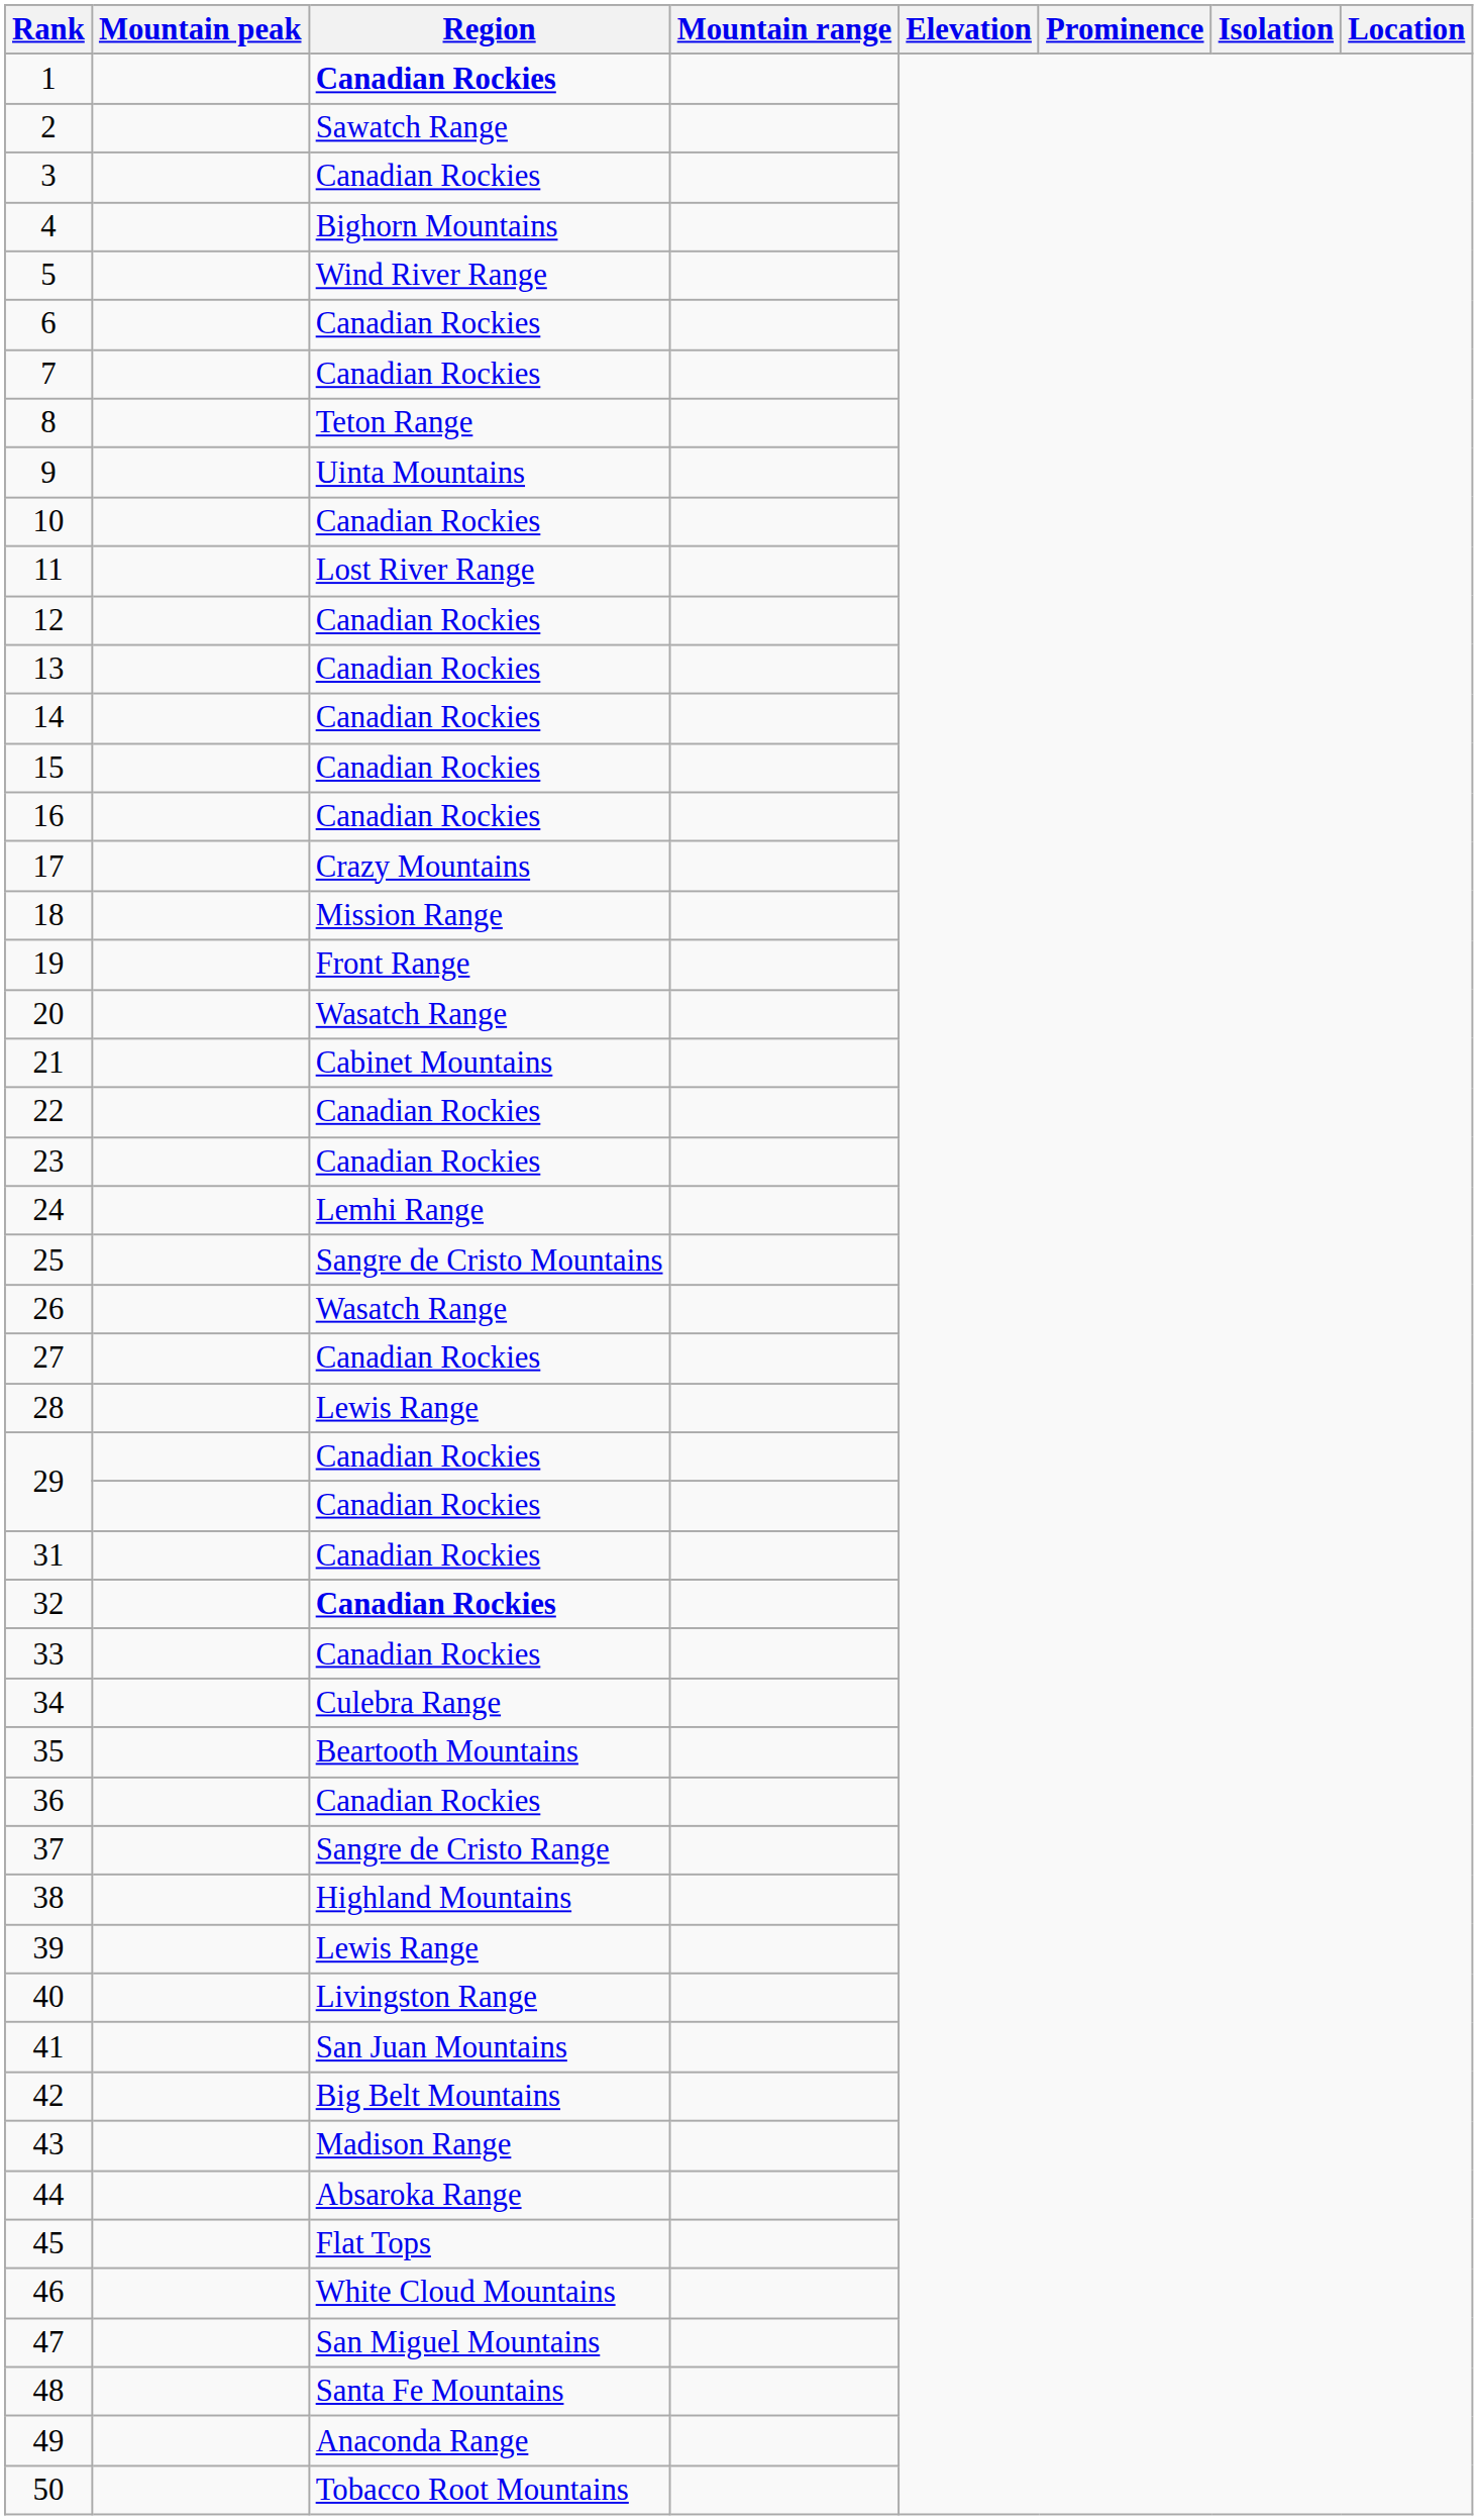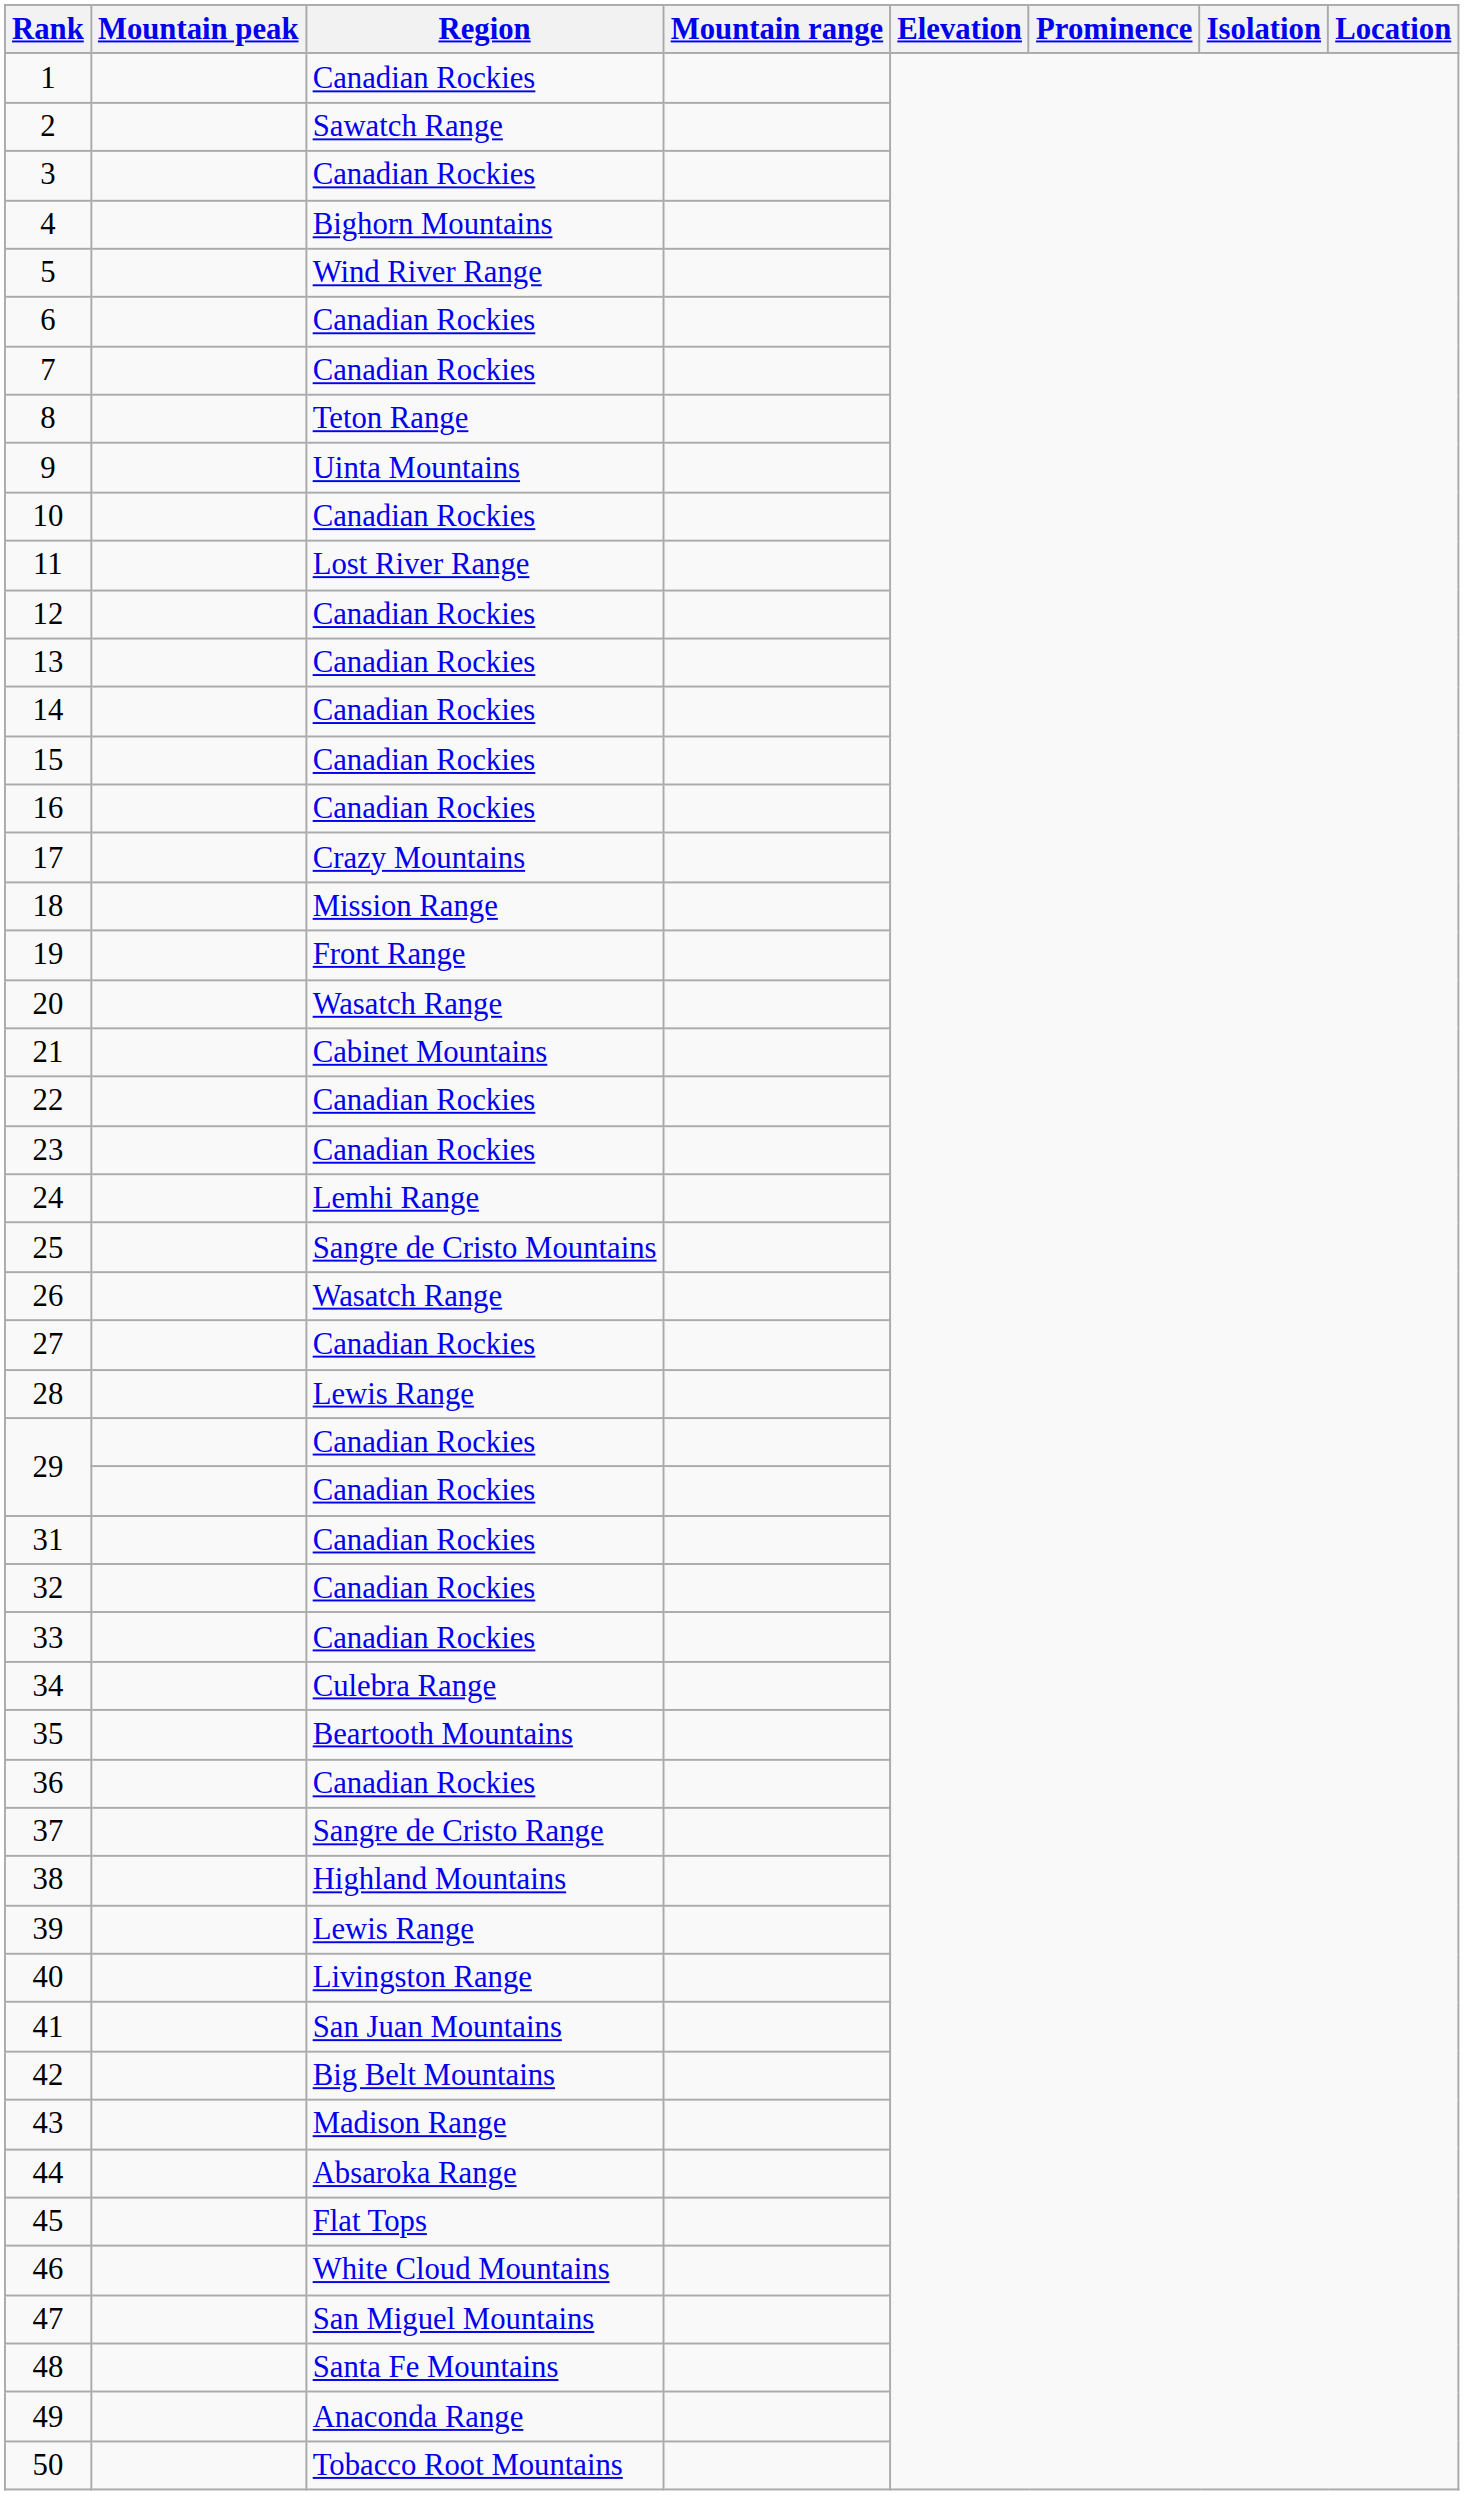 <table class="wikitable sortable">
 <tr>
 <th><a href='#'>Rank</a></th>
 <th><a href='#'>Mountain peak</a></th>
 <th><a href='#'>Region</a></th>
 <th><a href='#'>Mountain range</a></th>
 <th><a href='#'>Elevation</a></th>
 <th><a href='#'>Prominence</a></th>
 <th><a href='#'>Isolation</a></th>
 <th><a href='#'>Location</a></th>
 </tr>
 <tr>
 <td align=center>1<br></td>
 <td></td>
-<td><strong><a href='#'>Canadian Rockies</a><br></strong></td>
+<td><a href='#'>Canadian Rockies</a><br></td>
 <td></td>
 </tr>
 <tr>
 <td align=center>2<br></td>
 <td></td>
 <td><a href='#'>Sawatch Range</a><br></td>
 <td></td>
 </tr>
 <tr>
 <td align=center>3<br></td>
 <td><br></td>
 <td><a href='#'>Canadian Rockies</a><br></td>
 <td></td>
 </tr>
 <tr>
 <td align=center>4<br></td>
 <td></td>
 <td><a href='#'>Bighorn Mountains</a><br></td>
 <td></td>
 </tr>
 <tr>
 <td align=center>5<br></td>
 <td></td>
 <td><a href='#'>Wind River Range</a><br></td>
 <td></td>
 </tr>
 <tr>
 <td align=center>6<br></td>
 <td><br></td>
 <td><a href='#'>Canadian Rockies</a><br></td>
 <td></td>
 </tr>
 <tr>
 <td align=center>7<br></td>
 <td></td>
 <td><a href='#'>Canadian Rockies</a><br></td>
 <td></td>
 </tr>
 <tr>
 <td align=center>8<br></td>
 <td></td>
 <td><a href='#'>Teton Range</a><br></td>
 <td></td>
 </tr>
 <tr>
 <td align=center>9<br></td>
 <td></td>
 <td><a href='#'>Uinta Mountains</a><br></td>
 <td></td>
 </tr>
 <tr>
 <td align=center>10<br></td>
 <td></td>
 <td><a href='#'>Canadian Rockies</a><br></td>
 <td></td>
 </tr>
 <tr>
 <td align=center>11<br></td>
 <td></td>
 <td><a href='#'>Lost River Range</a><br></td>
 <td></td>
 </tr>
 <tr>
 <td align=center>12<br></td>
 <td></td>
 <td><a href='#'>Canadian Rockies</a><br></td>
 <td></td>
 </tr>
 <tr>
 <td align=center>13<br></td>
 <td></td>
 <td><a href='#'>Canadian Rockies</a><br></td>
 <td></td>
 </tr>
 <tr>
 <td align=center>14<br></td>
 <td></td>
 <td><a href='#'>Canadian Rockies</a><br></td>
 <td></td>
 </tr>
 <tr>
 <td align=center>15<br></td>
 <td></td>
 <td><a href='#'>Canadian Rockies</a><br></td>
 <td></td>
 </tr>
 <tr>
 <td align=center>16<br></td>
 <td></td>
 <td><a href='#'>Canadian Rockies</a><br></td>
 <td></td>
 </tr>
 <tr>
 <td align=center>17<br></td>
 <td></td>
 <td><a href='#'>Crazy Mountains</a><br></td>
 <td></td>
 </tr>
 <tr>
 <td align=center>18<br></td>
 <td></td>
 <td><a href='#'>Mission Range</a><br></td>
 <td></td>
 </tr>
 <tr>
 <td align=center>19<br></td>
 <td></td>
 <td><a href='#'>Front Range</a><br></td>
 <td></td>
 </tr>
 <tr>
 <td align=center>20<br></td>
 <td></td>
 <td><a href='#'>Wasatch Range</a><br></td>
 <td></td>
 </tr>
 <tr>
 <td align=center>21<br></td>
 <td></td>
 <td><a href='#'>Cabinet Mountains</a><br></td>
 <td></td>
 </tr>
 <tr>
 <td align=center>22<br></td>
 <td></td>
 <td><a href='#'>Canadian Rockies</a><br></td>
 <td></td>
 </tr>
 <tr>
 <td align=center>23<br></td>
 <td></td>
 <td><a href='#'>Canadian Rockies</a><br></td>
 <td></td>
 </tr>
 <tr>
 <td align=center>24<br></td>
 <td></td>
 <td><a href='#'>Lemhi Range</a><br></td>
 <td></td>
 </tr>
 <tr>
 <td align=center>25<br></td>
 <td></td>
 <td><a href='#'>Sangre de Cristo Mountains</a><br></td>
 <td></td>
 </tr>
 <tr>
 <td align=center>26<br></td>
 <td></td>
 <td><a href='#'>Wasatch Range</a><br></td>
 <td></td>
 </tr>
 <tr>
 <td align=center>27<br></td>
 <td></td>
 <td><a href='#'>Canadian Rockies</a><br></td>
 <td></td>
 </tr>
 <tr>
 <td align=center>28<br></td>
 <td></td>
 <td><a href='#'>Lewis Range</a><br></td>
 <td></td>
 </tr>
 <tr>
 <td align=center rowspan=2>29<br></td>
 <td></td>
 <td><a href='#'>Canadian Rockies</a><br></td>
 <td></td>
 </tr>
 <tr>
 <td></td>
 <td><a href='#'>Canadian Rockies</a><br></td>
 <td></td>
 </tr>
 <tr>
 <td align=center>31<br></td>
 <td><br></td>
 <td><a href='#'>Canadian Rockies</a><br></td>
 <td></td>
 </tr>
 <tr>
 <td align=center>32<br></td>
 <td></td>
-<td><strong><a href='#'>Canadian Rockies</a><br></strong></td>
+<td><a href='#'>Canadian Rockies</a><br></td>
 <td></td>
 </tr>
 <tr>
 <td align=center>33<br></td>
 <td></td>
 <td><a href='#'>Canadian Rockies</a><br></td>
 <td></td>
 </tr>
 <tr>
 <td align=center>34<br></td>
 <td></td>
 <td><a href='#'>Culebra Range</a><br></td>
 <td></td>
 </tr>
 <tr>
 <td align=center>35<br></td>
 <td></td>
 <td><a href='#'>Beartooth Mountains</a><br></td>
 <td></td>
 </tr>
 <tr>
 <td align=center>36<br></td>
 <td></td>
 <td><a href='#'>Canadian Rockies</a><br></td>
 <td></td>
 </tr>
 <tr>
 <td align=center>37<br></td>
 <td></td>
 <td><a href='#'>Sangre de Cristo Range</a><br></td>
 <td></td>
 </tr>
 <tr>
 <td align=center>38<br></td>
 <td></td>
 <td><a href='#'>Highland Mountains</a><br></td>
 <td></td>
 </tr>
 <tr>
 <td align=center>39<br></td>
 <td></td>
 <td><a href='#'>Lewis Range</a><br></td>
 <td></td>
 </tr>
 <tr>
 <td align=center>40<br></td>
 <td></td>
 <td><a href='#'>Livingston Range</a><br></td>
 <td></td>
 </tr>
 <tr>
 <td align=center>41<br></td>
 <td></td>
 <td><a href='#'>San Juan Mountains</a><br></td>
 <td></td>
 </tr>
 <tr>
 <td align=center>42<br></td>
 <td></td>
 <td><a href='#'>Big Belt Mountains</a><br></td>
 <td></td>
 </tr>
 <tr>
 <td align=center>43<br></td>
 <td></td>
 <td><a href='#'>Madison Range</a><br></td>
 <td></td>
 </tr>
 <tr>
 <td align=center>44<br></td>
 <td></td>
 <td><a href='#'>Absaroka Range</a><br></td>
 <td></td>
 </tr>
 <tr>
 <td align=center>45<br></td>
 <td></td>
 <td><a href='#'>Flat Tops</a><br></td>
 <td></td>
 </tr>
 <tr>
 <td align=center>46<br></td>
 <td></td>
 <td><a href='#'>White Cloud Mountains</a><br></td>
 <td></td>
 </tr>
 <tr>
 <td align=center>47<br></td>
 <td></td>
 <td><a href='#'>San Miguel Mountains</a><br></td>
 <td></td>
 </tr>
 <tr>
 <td align=center>48<br></td>
 <td></td>
 <td><a href='#'>Santa Fe Mountains</a><br></td>
 <td></td>
 </tr>
 <tr>
 <td align=center>49<br></td>
 <td></td>
 <td><a href='#'>Anaconda Range</a><br></td>
 <td></td>
 </tr>
 <tr>
 <td align=center>50<br></td>
 <td></td>
 <td><a href='#'>Tobacco Root Mountains</a><br></td>
 <td></td>
 </tr>
 </table>
